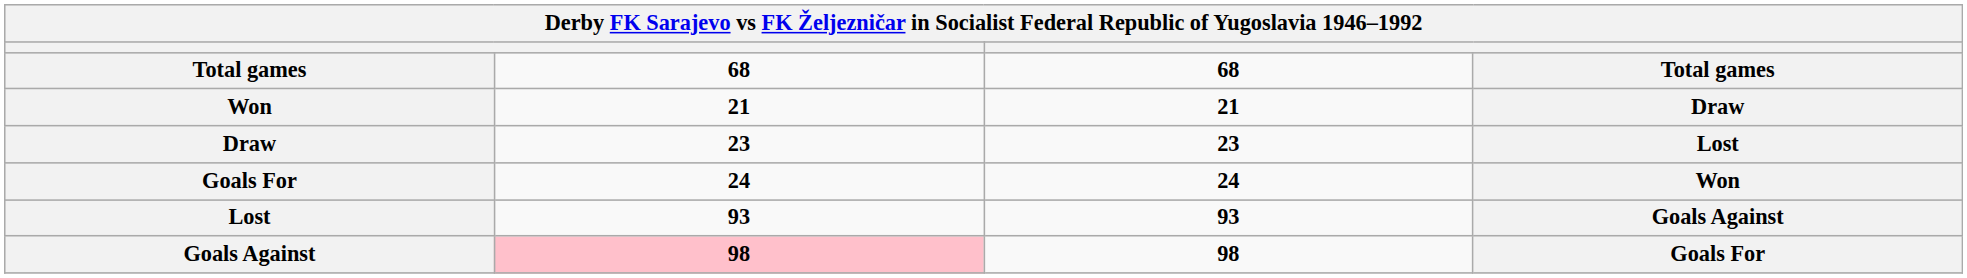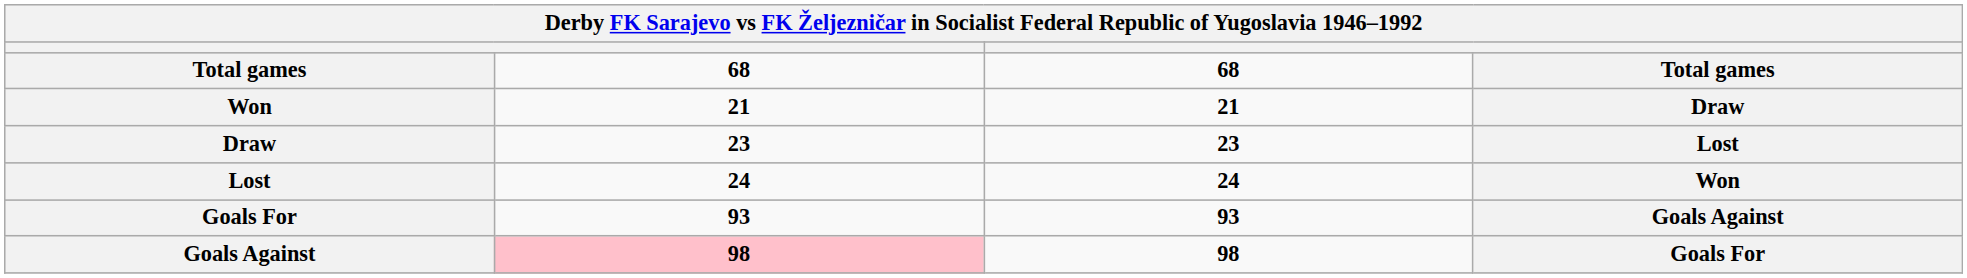 <table class="wikitable" style="font-size: 90%" width=100%>
 <tr>
 <th width=100% colspan="4">Derby <a href='#'>FK Sarajevo</a> vs <a href='#'>FK Željezničar</a> in Socialist Federal Republic of Yugoslavia 1946–1992</th>
 </tr>
 <tr>
 <th width=50% colspan="2"></th>
 <th width=50% colspan="2"></th>
 </tr>
 <tr>
 <th width=25%>Total games</th>
 <td align=center><strong>68</strong></td>
 <td align=center><strong>68</strong></td>
 <th width=25%>Total games</th>
 </tr>
 <tr>
 <th width=25%>Won</th>
 <td align=center><strong>21</strong></td>
 <td align=center><strong>21</strong></td>
 <th width=25%>Draw</th>
 </tr>
 <tr>
 <th width=25%>Draw</th>
 <td align=center><strong>23</strong></td>
 <td align=center><strong>23</strong></td>
 <th width=25%>Lost</th>
 </tr>
 <tr>
-<th width=25%>Goals For</th>
+<th width=25%>Lost</th>
 <td align=center><strong>24</strong></td>
 <td align=center><strong>24</strong></td>
 <th width=25%>Won</th>
 </tr>
 <tr>
-<th width=25%>Lost</th>
+<th width=25%>Goals For</th>
 <td align=center><strong>93</strong></td>
 <td align=center><strong>93</strong></td>
 <th width=25%>Goals Against</th>
 </tr>
 <tr>
 <th width=25%>Goals Against</th>
 <td align=center style="background: pink;"><strong>98</strong></td>
 <td align=center><strong>98</strong></td>
 <th width=25%>Goals For</th>
 </tr>
 </table>
